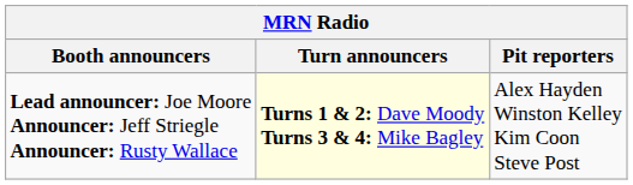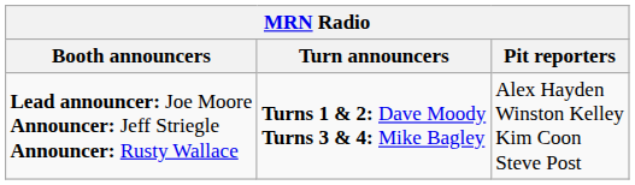 <table class="wikitable" style="font-size: 95%">
 <tr>
 <th colspan="3"><a href='#'>MRN</a> Radio</th>
 </tr>
 <tr>
 <th>Booth announcers</th>
 <th>Turn announcers</th>
 <th>Pit reporters</th>
 </tr>
 <tr>
 <td><strong>Lead announcer:</strong> Joe Moore<br><strong>Announcer:</strong> Jeff Striegle<br><strong>Announcer:</strong> <a href='#'>Rusty Wallace</a></td>
-<td style="background: lightyellow;"><strong>Turns 1 & 2:</strong> <a href='#'>Dave Moody</a><br><strong>Turns 3 & 4:</strong> <a href='#'>Mike Bagley</a></td>
+<td><strong>Turns 1 & 2:</strong> <a href='#'>Dave Moody</a><br><strong>Turns 3 & 4:</strong> <a href='#'>Mike Bagley</a></td>
 <td>Alex Hayden<br>Winston Kelley<br>Kim Coon<br>Steve Post</td>
 </tr>
 </table>
